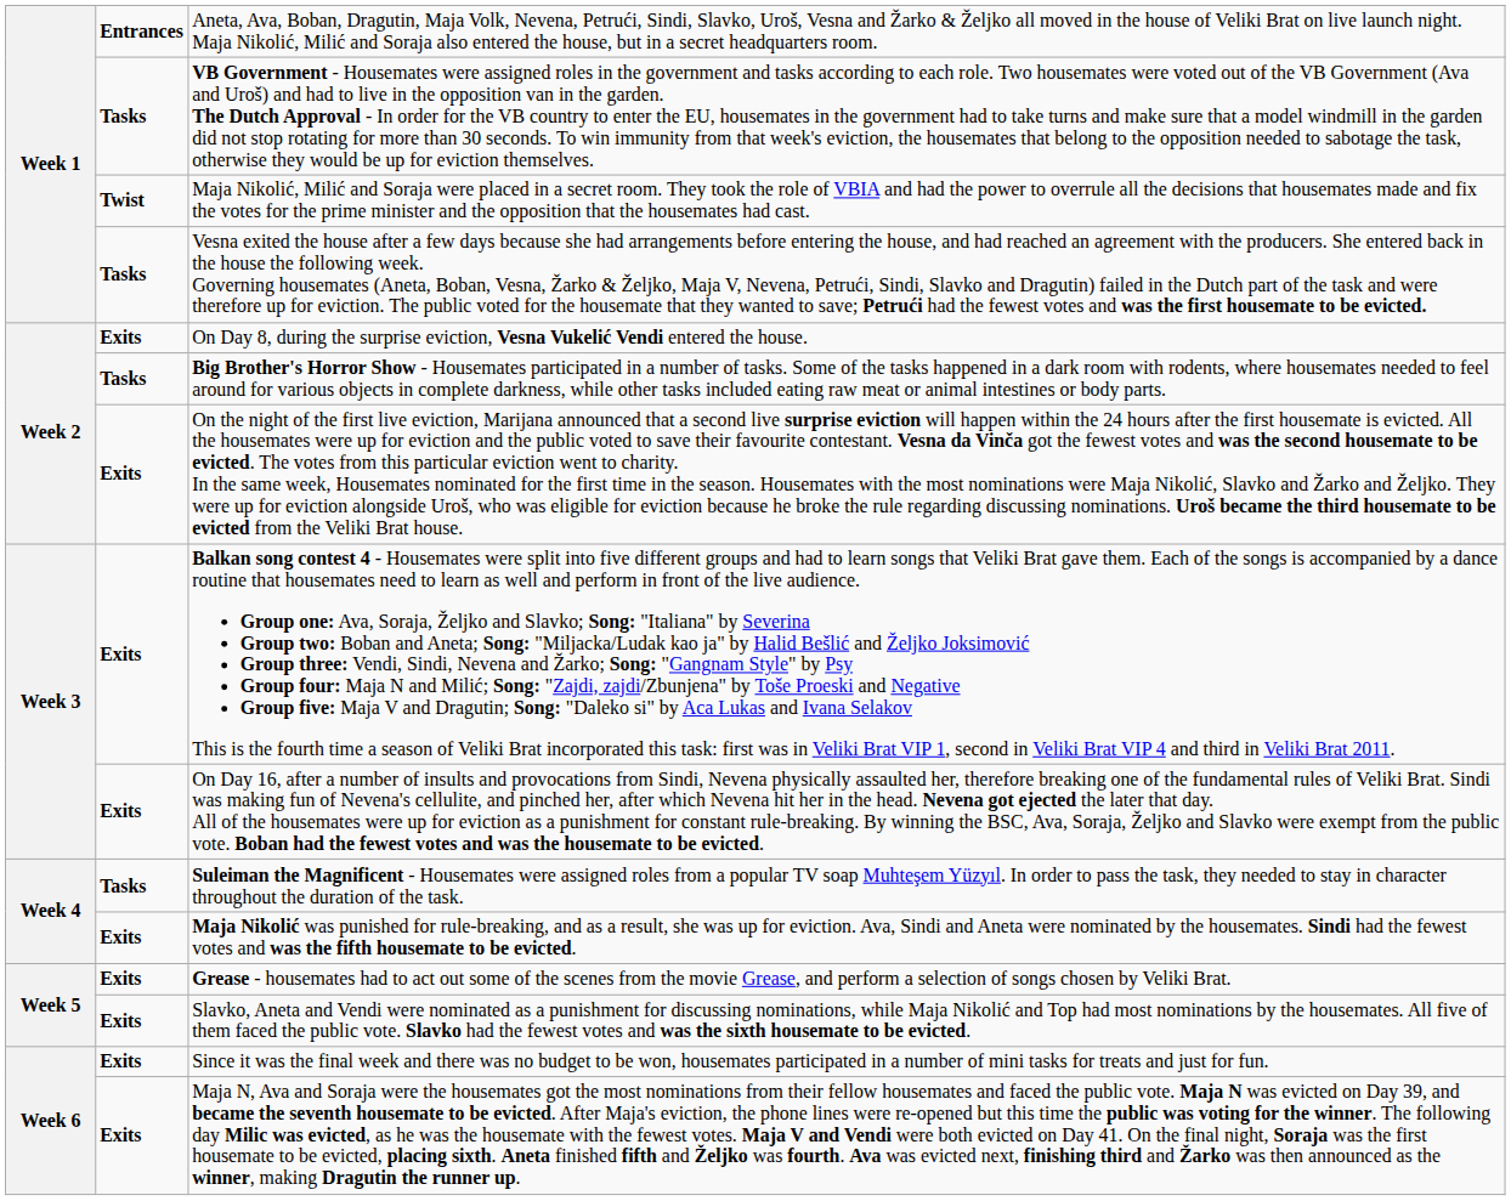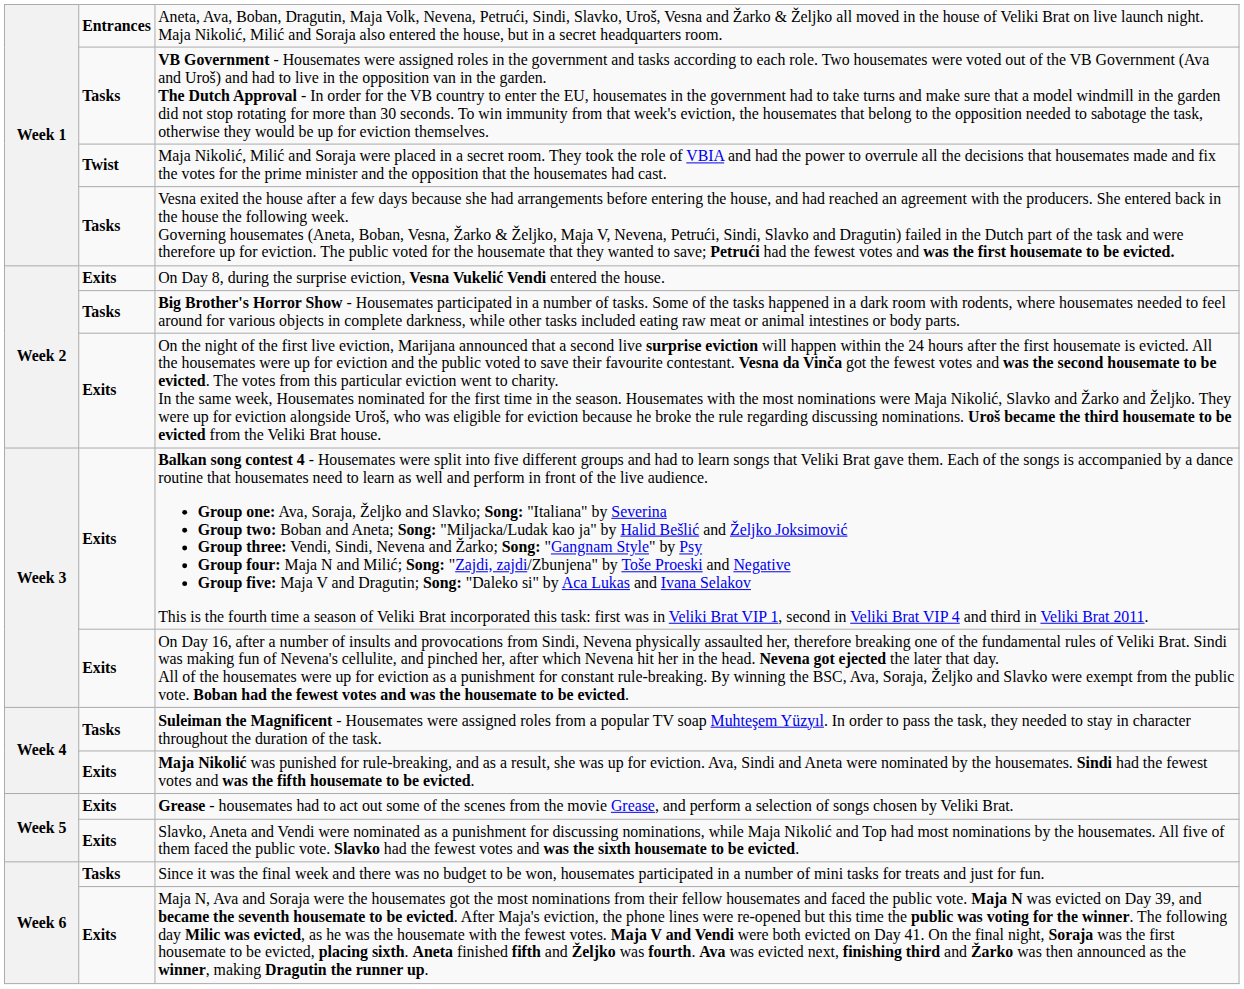 <table class="wikitable">
 <tr>
 <th rowspan=4 style="width: 6%;"><strong>Week 1</strong></th>
 <td><strong>Entrances</strong></td>
 <td>Aneta, Ava, Boban, Dragutin, Maja Volk, Nevena, Petrući, Sindi, Slavko, Uroš, Vesna and Žarko & Željko all moved in the house of Veliki Brat on live launch night. Maja Nikolić, Milić and Soraja also entered the house, but in a secret headquarters room.</td>
 </tr>
 <tr>
 <td><strong>Tasks</strong></td>
 <td><strong>VB Government</strong> - Housemates were assigned roles in the government and tasks according to each role. Two housemates were voted out of the VB Government (Ava and Uroš) and had to live in the opposition van in the garden.<br><strong>The Dutch Approval</strong> - In order for the VB country to enter the EU, housemates in the government had to take turns and make sure that a model windmill in the garden did not stop rotating for more than 30 seconds. To win immunity from that week's eviction, the housemates that belong to the opposition needed to sabotage the task, otherwise they would be up for eviction themselves.</td>
 </tr>
 <tr>
 <td><strong>Twist</strong></td>
 <td>Maja Nikolić, Milić and Soraja were placed in a secret room. They took the role of <a href='#'>VBIA</a> and had the power to overrule all the decisions that housemates made and fix the votes for the prime minister and the opposition that the housemates had cast.</td>
 </tr>
 <tr>
 <td><strong>Tasks</strong></td>
 <td>Vesna exited the house after a few days because she had arrangements before entering the house, and had reached an agreement with the producers. She entered back in the house the following week.<br>Governing housemates (Aneta, Boban, Vesna, Žarko & Željko, Maja V, Nevena, Petrući, Sindi, Slavko and Dragutin) failed in the Dutch part of the task and were therefore up for eviction. The public voted for the housemate that they wanted to save; <strong>Petrući</strong> had the fewest votes and <strong>was the first housemate to be evicted.</strong></td>
 </tr>
 <tr>
 <th rowspan=3 style="width: 6%;"><strong>Week 2</strong></th>
 <td><strong>Exits</strong></td>
 <td>On Day 8, during the surprise eviction, <strong>Vesna Vukelić Vendi</strong> entered the house.</td>
 </tr>
 <tr>
 <td><strong>Tasks</strong></td>
 <td><strong>Big Brother's Horror Show</strong> - Housemates participated in a number of tasks. Some of the tasks happened in a dark room with rodents, where housemates needed to feel around for various objects in complete darkness, while other tasks included eating raw meat or animal intestines or body parts.</td>
 </tr>
 <tr>
 <td><strong>Exits</strong></td>
 <td>On the night of the first live eviction, Marijana announced that a second live <strong>surprise eviction</strong> will happen within the 24 hours after the first housemate is evicted. All the housemates were up for eviction and the public voted to save their favourite contestant. <strong>Vesna da Vinča</strong> got the fewest votes and <strong>was the second housemate to be evicted</strong>. The votes from this particular eviction went to charity.<br>In the same week, Housemates nominated for the first time in the season. Housemates with the most nominations were Maja Nikolić, Slavko and Žarko and Željko. They were up for eviction alongside Uroš, who was eligible for eviction because he broke the rule regarding discussing nominations. <strong>Uroš became the third housemate to be evicted</strong> from the Veliki Brat house.</td>
 </tr>
 <tr>
 <th rowspan=2 style="width: 6%;"><strong>Week 3</strong></th>
 <td><strong>Exits</strong></td>
 <td><strong>Balkan song contest 4</strong> - Housemates were split into five different groups and had to learn songs that Veliki Brat gave them. Each of the songs is accompanied by a dance routine that housemates need to learn as well and perform in front of the live audience.<br><ul><li><strong>Group one:</strong> Ava, Soraja, Željko and Slavko; <strong>Song:</strong> "Italiana" by <a href='#'>Severina</a></li><li><strong>Group two:</strong> Boban and Aneta; <strong>Song:</strong> "Miljacka/Ludak kao ja" by <a href='#'>Halid Bešlić</a> and <a href='#'>Željko Joksimović</a></li><li><strong>Group three:</strong> Vendi, Sindi, Nevena and Žarko; <strong>Song:</strong> "<a href='#'>Gangnam Style</a>" by <a href='#'>Psy</a></li><li><strong>Group four:</strong> Maja N and Milić; <strong>Song:</strong> "<a href='#'>Zajdi, zajdi</a>/Zbunjena" by <a href='#'>Toše Proeski</a> and <a href='#'>Negative</a></li><li><strong>Group five:</strong> Maja V and Dragutin; <strong>Song:</strong> "Daleko si" by <a href='#'>Aca Lukas</a> and <a href='#'>Ivana Selakov</a></li></ul>This is the fourth time a season of Veliki Brat incorporated this task: first was in <a href='#'>Veliki Brat VIP 1</a>, second in <a href='#'>Veliki Brat VIP 4</a> and third in <a href='#'>Veliki Brat 2011</a>.</td>
 </tr>
 <tr>
 <td><strong>Exits</strong></td>
 <td>On Day 16, after a number of insults and provocations from Sindi, Nevena physically assaulted her, therefore breaking one of the fundamental rules of Veliki Brat. Sindi was making fun of Nevena's cellulite, and pinched her, after which Nevena hit her in the head. <strong>Nevena got ejected</strong> the later that day.<br>All of the housemates were up for eviction as a punishment for constant rule-breaking.  By winning the BSC, Ava, Soraja, Željko and Slavko were exempt from the public vote. <strong>Boban had the fewest votes and was the housemate to be evicted</strong>.</td>
 </tr>
 <tr>
 <th rowspan=2 style="width: 6%;"><strong>Week 4</strong></th>
 <td><strong>Tasks</strong></td>
 <td><strong>Suleiman the Magnificent</strong> - Housemates were assigned roles from a popular TV soap <a href='#'>Muhteşem Yüzyıl</a>. In order to pass the task, they needed to stay in character throughout the duration of the task.</td>
 </tr>
 <tr>
 <td><strong>Exits</strong></td>
 <td><strong>Maja Nikolić</strong> was punished for rule-breaking, and as a result, she was up for eviction. Ava, Sindi and Aneta were nominated by the housemates. <strong>Sindi</strong> had the fewest votes and <strong>was the fifth housemate to be evicted</strong>.</td>
 </tr>
 <tr>
 <th rowspan=2 style="width: 6%;"><strong>Week 5</strong></th>
 <td><strong>Exits</strong></td>
 <td><strong>Grease</strong> - housemates had to act out some of the scenes from the movie <a href='#'>Grease</a>, and perform a selection of songs chosen by Veliki Brat.</td>
 </tr>
 <tr>
 <td><strong>Exits</strong></td>
 <td>Slavko, Aneta and Vendi were nominated as a punishment for discussing nominations, while Maja Nikolić and Top had most nominations by the housemates. All five of them faced the public vote. <strong>Slavko</strong> had the fewest votes and <strong>was the sixth housemate to be evicted</strong>.</td>
 </tr>
 <tr>
 <th rowspan=2 style="width: 6%;"><strong>Week 6</strong></th>
-<td><strong>Exits</strong></td>
+<td><strong>Tasks</strong></td>
 <td>Since it was the final week and there was no budget to be won, housemates participated in a number of mini tasks for treats and just for fun.</td>
 </tr>
 <tr>
 <td><strong>Exits</strong></td>
 <td>Maja N, Ava and Soraja were the housemates got the most nominations from their fellow housemates and faced the public vote. <strong>Maja N</strong> was evicted on Day 39, and <strong>became the seventh housemate to be evicted</strong>. After Maja's eviction, the phone lines were re-opened but this time the <strong>public was voting for the winner</strong>. The following day <strong>Milic was evicted</strong>, as he was the housemate with the fewest votes. <strong>Maja V and Vendi</strong> were both evicted on Day 41. On the final night, <strong>Soraja</strong> was the first housemate to be evicted, <strong>placing sixth</strong>. <strong>Aneta</strong> finished <strong>fifth</strong> and <strong>Željko</strong> was <strong>fourth</strong>. <strong>Ava</strong> was evicted next, <strong>finishing third</strong> and <strong>Žarko</strong> was then announced as the <strong>winner</strong>, making <strong>Dragutin the runner up</strong>.</td>
 </tr>
 </table>
